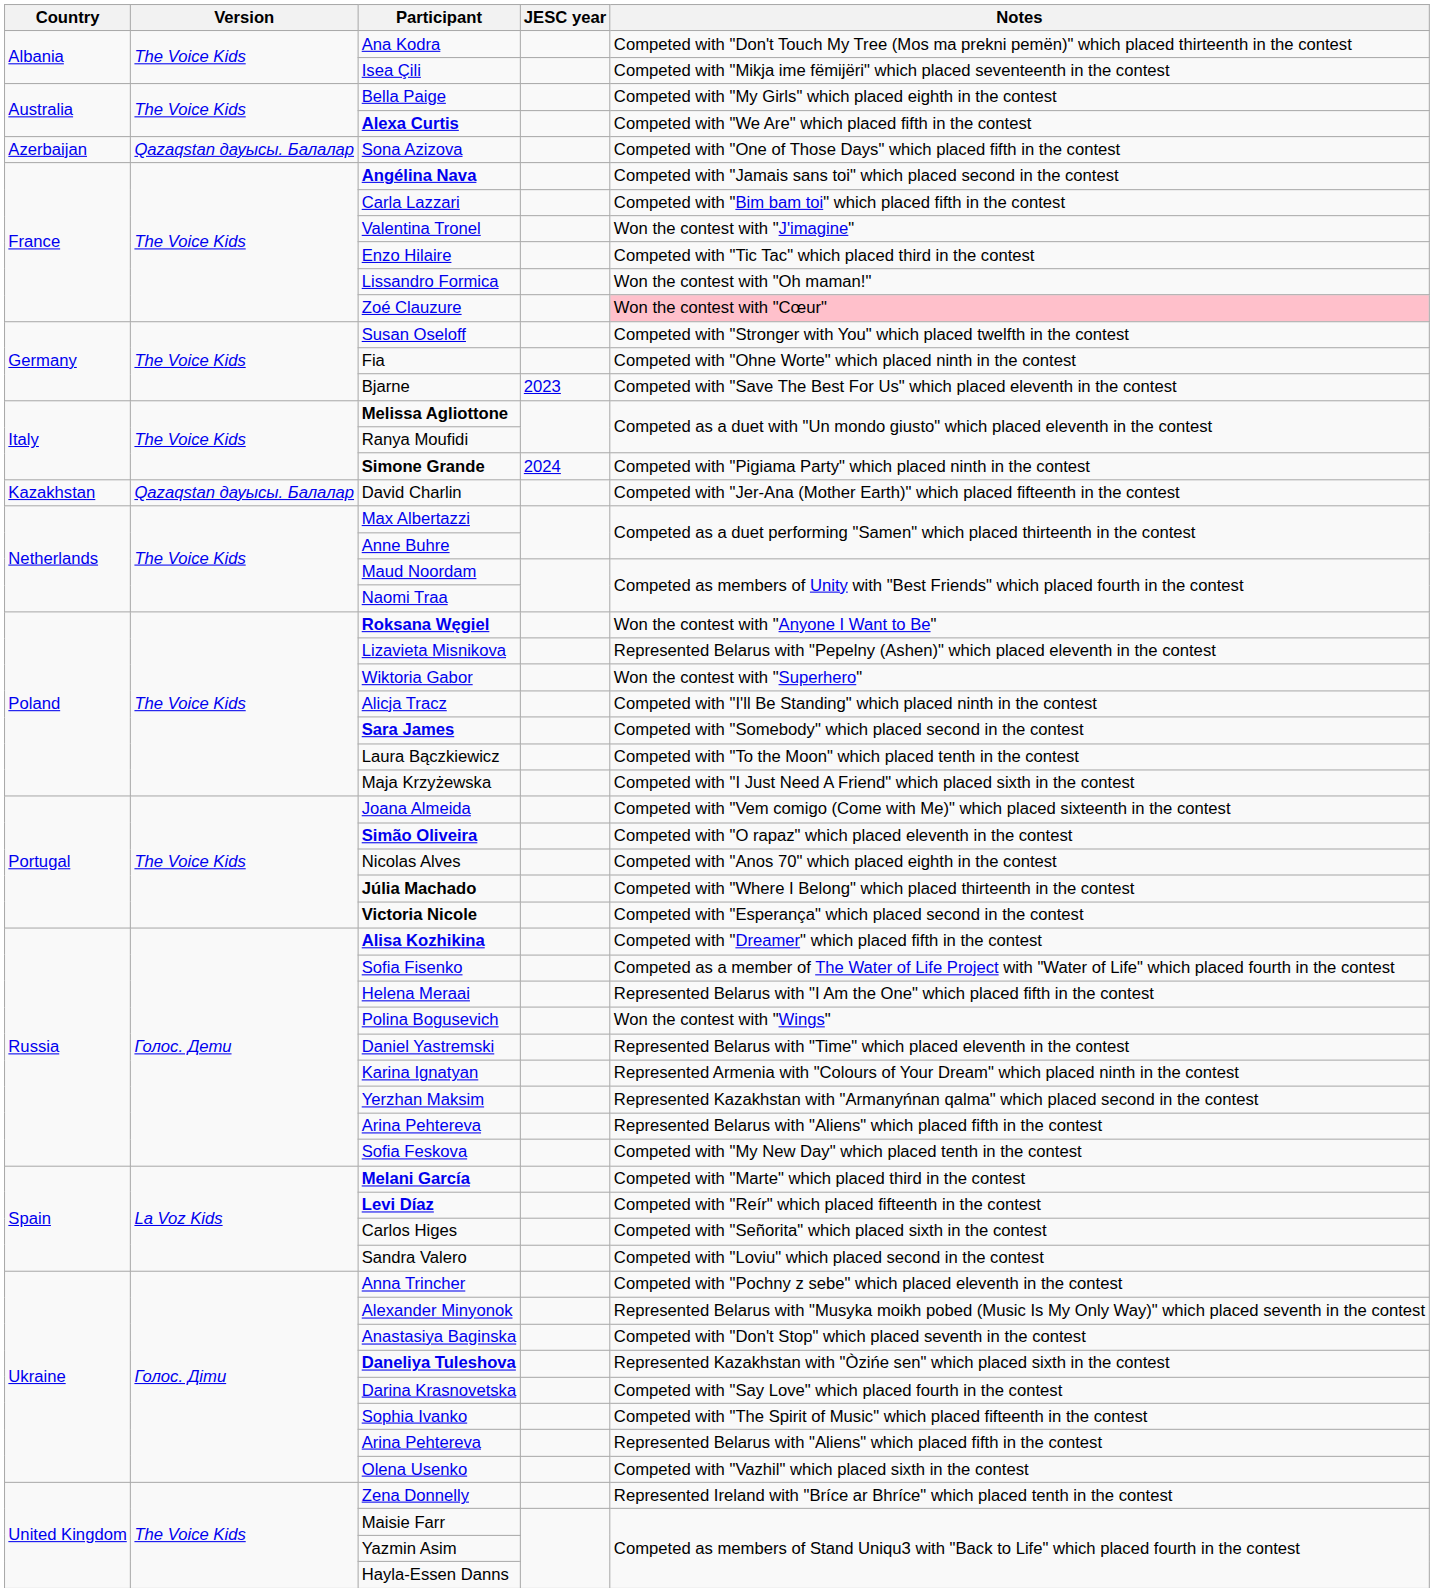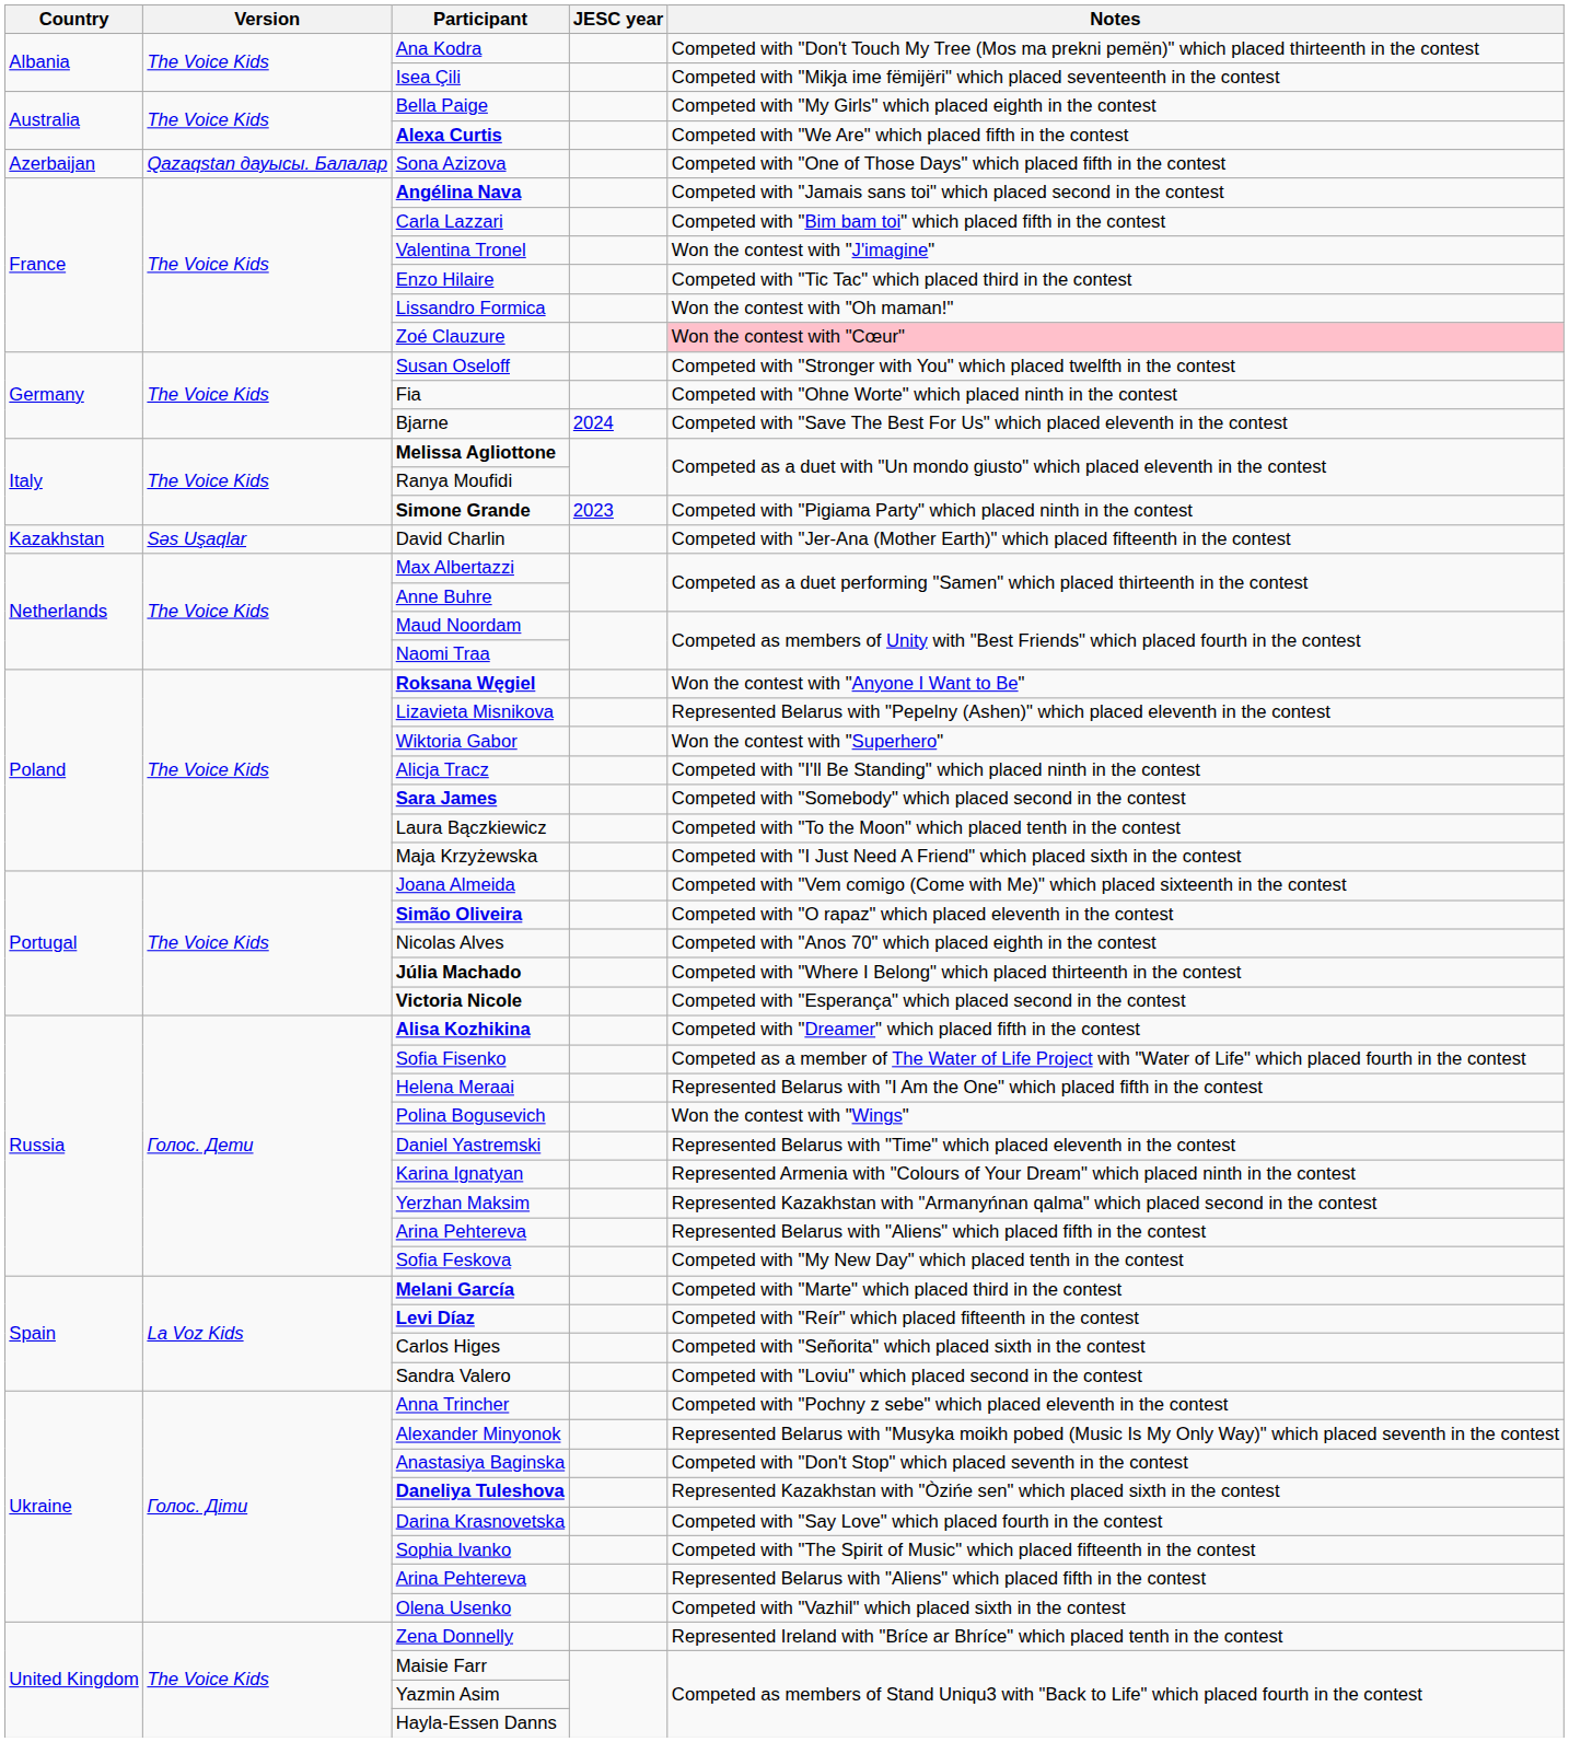 <table class="wikitable sortable plainrowheaders">
 <tr>
 <th scope="col">Country</th>
 <th scope="col">Version</th>
 <th scope="col">Participant</th>
 <th scope="col">JESC year</th>
 <th scope="col">Notes</th>
 </tr>
 <tr>
 <td rowspan="2"><a href='#'>Albania</a></td>
 <td rowspan="2"><em><a href='#'>The Voice Kids</a></em></td>
 <td><a href='#'>Ana Kodra</a></td>
 <td></td>
 <td>Competed with "Don't Touch My Tree (Mos ma prekni pemën)" which placed thirteenth in the contest</td>
 </tr>
 <tr>
 <td><a href='#'>Isea Çili</a></td>
 <td></td>
 <td>Competed with "Mikja ime fëmijëri" which placed seventeenth in the contest</td>
 </tr>
 <tr>
 <td rowspan="2"><a href='#'>Australia</a></td>
 <td rowspan="2"><em><a href='#'>The Voice Kids</a></em></td>
 <td><a href='#'>Bella Paige</a></td>
 <td></td>
 <td>Competed with "My Girls" which placed eighth in the contest</td>
 </tr>
 <tr>
 <td><strong><a href='#'>Alexa Curtis</a></strong></td>
 <td></td>
 <td>Competed with "We Are" which placed fifth in the contest</td>
 </tr>
 <tr>
 <td><a href='#'>Azerbaijan</a></td>
 <td><em><a href='#'>Qazaqstan дауысы. Балалар</a></em></td>
 <td><a href='#'>Sona Azizova</a></td>
 <td></td>
 <td>Competed with "One of Those Days" which placed fifth in the contest</td>
 </tr>
 <tr>
 <td rowspan="6"><a href='#'>France</a></td>
 <td rowspan="6"><em><a href='#'>The Voice Kids</a></em></td>
 <td><strong><a href='#'>Angélina Nava</a></strong></td>
 <td></td>
 <td>Competed with "Jamais sans toi" which placed second in the contest</td>
 </tr>
 <tr>
 <td><a href='#'>Carla Lazzari</a></td>
 <td></td>
 <td>Competed with "<a href='#'>Bim bam toi</a>" which placed fifth in the contest</td>
 </tr>
 <tr>
 <td><a href='#'>Valentina Tronel</a></td>
 <td></td>
 <td>Won the contest with "<a href='#'>J'imagine</a>"</td>
 </tr>
 <tr>
 <td><a href='#'>Enzo Hilaire</a></td>
 <td></td>
 <td>Competed with "Tic Tac" which placed third in the contest</td>
 </tr>
 <tr>
 <td><a href='#'>Lissandro Formica</a></td>
 <td></td>
 <td>Won the contest with "Oh maman!"</td>
 </tr>
 <tr>
 <td><a href='#'>Zoé Clauzure</a></td>
 <td></td>
 <td style="background: pink;">Won the contest with "Cœur"</td>
 </tr>
 <tr>
 <td rowspan="3"><a href='#'>Germany</a></td>
 <td rowspan="3"><em><a href='#'>The Voice Kids</a></em></td>
 <td><a href='#'>Susan Oseloff</a></td>
 <td></td>
 <td>Competed with "Stronger with You" which placed twelfth in the contest</td>
 </tr>
 <tr>
 <td>Fia</td>
 <td></td>
 <td>Competed with "Ohne Worte" which placed ninth in the contest</td>
 </tr>
 <tr>
 <td>Bjarne</td>
-<td><a href='#'>2023</a></td>
+<td><a href='#'>2024</a></td>
 <td>Competed with "Save The Best For Us" which placed eleventh in the contest</td>
 </tr>
 <tr>
 <td rowspan="3"><a href='#'>Italy</a></td>
 <td rowspan="3"><em><a href='#'>The Voice Kids</a></em></td>
 <td><strong>Melissa Agliottone</strong></td>
 <td rowspan="2"></td>
 <td rowspan="2">Competed as a duet with "Un mondo giusto" which placed eleventh in the contest</td>
 </tr>
 <tr>
 <td>Ranya Moufidi</td>
 </tr>
 <tr>
 <td><strong>Simone Grande</strong></td>
-<td><a href='#'>2024</a></td>
+<td><a href='#'>2023</a></td>
 <td>Competed with "Pigiama Party" which placed ninth in the contest</td>
 </tr>
 <tr>
 <td><a href='#'>Kazakhstan</a></td>
-<td><em><a href='#'>Qazaqstan дауысы. Балалар</a></em></td>
+<td><em><a href='#'>Səs Uşaqlar</a></em></td>
 <td>David Charlin</td>
 <td></td>
 <td>Competed with "Jer-Ana (Mother Earth)" which placed fifteenth in the contest</td>
 </tr>
 <tr>
 <td rowspan="4"><a href='#'>Netherlands</a></td>
 <td rowspan="4"><em><a href='#'>The Voice Kids</a></em></td>
 <td><a href='#'>Max Albertazzi</a></td>
 <td rowspan="2'"></td>
 <td rowspan="2'">Competed as a duet performing "Samen" which placed thirteenth in the contest</td>
 </tr>
 <tr>
 <td><a href='#'>Anne Buhre</a></td>
 </tr>
 <tr>
 <td><a href='#'>Maud Noordam</a></td>
 <td rowspan="2'"></td>
 <td rowspan="2'">Competed as members of <a href='#'>Unity</a> with "Best Friends" which placed fourth in the contest</td>
 </tr>
 <tr>
 <td><a href='#'>Naomi Traa</a></td>
 </tr>
 <tr>
 <td rowspan="7"><a href='#'>Poland</a></td>
 <td rowspan="7"><em><a href='#'>The Voice Kids</a></em></td>
 <td><strong><a href='#'>Roksana Węgiel</a></strong></td>
 <td></td>
 <td>Won the contest with "<a href='#'>Anyone I Want to Be</a>"</td>
 </tr>
 <tr>
 <td><a href='#'>Lizavieta Misnikova</a></td>
 <td></td>
 <td>Represented Belarus with "Pepelny (Ashen)" which placed eleventh in the contest</td>
 </tr>
 <tr>
 <td><a href='#'>Wiktoria Gabor</a></td>
 <td></td>
 <td>Won the contest with "<a href='#'>Superhero</a>"</td>
 </tr>
 <tr>
 <td><a href='#'>Alicja Tracz</a></td>
 <td></td>
 <td>Competed with "I'll Be Standing" which placed ninth in the contest</td>
 </tr>
 <tr>
 <td><strong><a href='#'>Sara James</a></strong></td>
 <td></td>
 <td>Competed with "Somebody" which placed second in the contest</td>
 </tr>
 <tr>
 <td>Laura Bączkiewicz</td>
 <td></td>
 <td>Competed with "To the Moon" which placed tenth in the contest</td>
 </tr>
 <tr>
 <td>Maja Krzyżewska</td>
 <td></td>
 <td>Competed with "I Just Need A Friend" which placed sixth in the contest</td>
 </tr>
 <tr>
 <td rowspan="5"><a href='#'>Portugal</a></td>
 <td rowspan="5"><em><a href='#'>The Voice Kids</a></em></td>
 <td><a href='#'>Joana Almeida</a></td>
 <td></td>
 <td>Competed with "Vem comigo (Come with Me)" which placed sixteenth in the contest</td>
 </tr>
 <tr>
 <td><strong><a href='#'>Simão Oliveira</a></strong></td>
 <td></td>
 <td>Competed with "O rapaz" which placed eleventh in the contest</td>
 </tr>
 <tr>
 <td>Nicolas Alves</td>
 <td></td>
 <td>Competed with "Anos 70" which placed eighth in the contest</td>
 </tr>
 <tr>
 <td><strong>Júlia Machado</strong></td>
 <td></td>
 <td>Competed with "Where I Belong" which placed thirteenth in the contest</td>
 </tr>
 <tr>
 <td><strong>Victoria Nicole</strong></td>
 <td></td>
 <td>Competed with "Esperança" which placed second in the contest</td>
 </tr>
 <tr>
 <td rowspan="9"><a href='#'>Russia</a></td>
 <td rowspan="9"><em><a href='#'>Голос. Дети</a></em></td>
 <td><strong><a href='#'>Alisa Kozhikina</a></strong></td>
 <td></td>
 <td>Competed with "<a href='#'>Dreamer</a>" which placed fifth in the contest</td>
 </tr>
 <tr>
 <td><a href='#'>Sofia Fisenko</a></td>
 <td></td>
 <td>Competed as a member of <a href='#'>The Water of Life Project</a> with "Water of Life" which placed fourth in the contest</td>
 </tr>
 <tr>
 <td><a href='#'>Helena Meraai</a></td>
 <td></td>
 <td>Represented Belarus with "I Am the One" which placed fifth in the contest</td>
 </tr>
 <tr>
 <td><a href='#'>Polina Bogusevich</a></td>
 <td></td>
 <td>Won the contest with "<a href='#'>Wings</a>"</td>
 </tr>
 <tr>
 <td><a href='#'>Daniel Yastremski</a></td>
 <td></td>
 <td>Represented Belarus with "Time" which placed eleventh in the contest</td>
 </tr>
 <tr>
 <td><a href='#'>Karina Ignatyan</a></td>
 <td></td>
 <td>Represented Armenia with "Colours of Your Dream" which placed ninth in the contest</td>
 </tr>
 <tr>
 <td><a href='#'>Yerzhan Maksim</a></td>
 <td></td>
 <td>Represented Kazakhstan with "Armanyńnan qalma" which placed second in the contest</td>
 </tr>
 <tr>
 <td><a href='#'>Arina Pehtereva</a></td>
 <td></td>
 <td>Represented Belarus with "Aliens" which placed fifth in the contest</td>
 </tr>
 <tr>
 <td><a href='#'>Sofia Feskova</a></td>
 <td></td>
 <td>Competed with "My New Day" which placed tenth in the contest</td>
 </tr>
 <tr>
 <td rowspan="4"><a href='#'>Spain</a></td>
 <td rowspan="4"><em><a href='#'>La Voz Kids</a></em></td>
 <td><strong><a href='#'>Melani García</a></strong></td>
 <td></td>
 <td>Competed with "Marte" which placed third in the contest</td>
 </tr>
 <tr>
 <td><strong><a href='#'>Levi Díaz</a></strong></td>
 <td></td>
 <td>Competed with "Reír" which placed fifteenth in the contest</td>
 </tr>
 <tr>
 <td>Carlos Higes</td>
 <td></td>
 <td>Competed with "Señorita" which placed sixth in the contest</td>
 </tr>
 <tr>
 <td>Sandra Valero</td>
 <td></td>
 <td>Competed with "Loviu" which placed second in the contest</td>
 </tr>
 <tr>
 <td rowspan="8"><a href='#'>Ukraine</a></td>
 <td rowspan="8"><em><a href='#'>Голос. Діти</a></em></td>
 <td><a href='#'>Anna Trincher</a></td>
 <td></td>
 <td>Competed with "Pochny z sebe" which placed eleventh in the contest</td>
 </tr>
 <tr>
 <td><a href='#'>Alexander Minyonok</a></td>
 <td></td>
 <td>Represented Belarus with "Musyka moikh pobed (Music Is My Only Way)" which placed seventh in the contest</td>
 </tr>
 <tr>
 <td><a href='#'>Anastasiya Baginska</a></td>
 <td></td>
 <td>Competed with "Don't Stop" which placed seventh in the contest</td>
 </tr>
 <tr>
 <td><strong><a href='#'>Daneliya Tuleshova</a></strong></td>
 <td></td>
 <td>Represented Kazakhstan with "Òzińe sen" which placed sixth in the contest</td>
 </tr>
 <tr>
 <td><a href='#'>Darina Krasnovetska</a></td>
 <td></td>
 <td>Competed with "Say Love" which placed fourth in the contest</td>
 </tr>
 <tr>
 <td><a href='#'>Sophia Ivanko</a></td>
 <td></td>
 <td>Competed with "The Spirit of Music" which placed fifteenth in the contest</td>
 </tr>
 <tr>
 <td><a href='#'>Arina Pehtereva</a></td>
 <td></td>
 <td>Represented Belarus with "Aliens" which placed fifth in the contest</td>
 </tr>
 <tr>
 <td><a href='#'>Olena Usenko</a></td>
 <td></td>
 <td>Competed with "Vazhil" which placed sixth in the contest</td>
 </tr>
 <tr>
 <td rowspan="4"><a href='#'>United Kingdom</a></td>
 <td rowspan="4"><em><a href='#'>The Voice Kids</a></em></td>
 <td><a href='#'>Zena Donnelly</a></td>
 <td></td>
 <td>Represented Ireland with "Bríce ar Bhríce" which placed tenth in the contest</td>
 </tr>
 <tr>
 <td>Maisie Farr</td>
 <td rowspan="3"></td>
 <td rowspan="3">Competed as members of Stand Uniqu3 with "Back to Life" which placed fourth in the contest</td>
 </tr>
 <tr>
 <td>Yazmin Asim</td>
 </tr>
 <tr>
 <td>Hayla-Essen Danns</td>
 </tr>
 </table>
